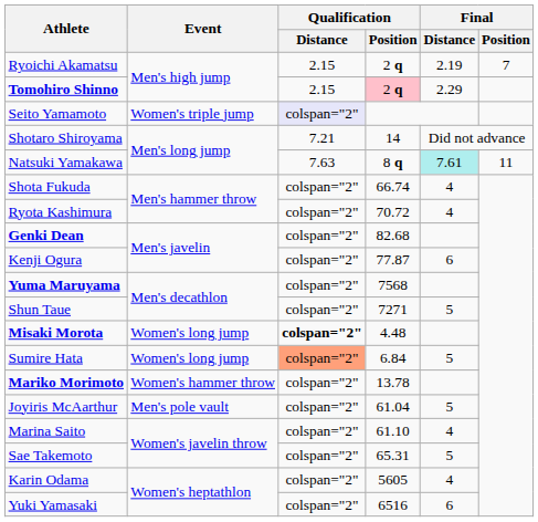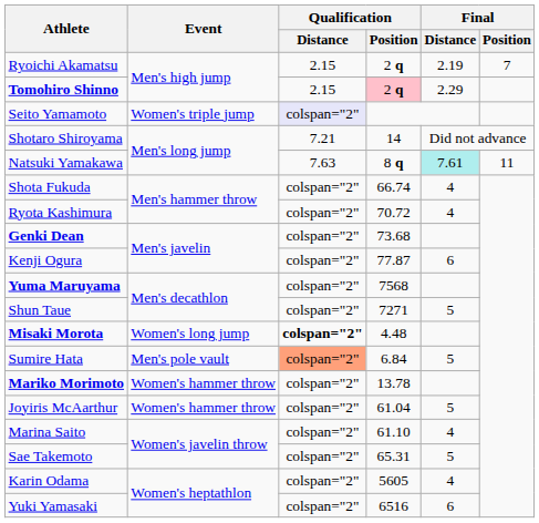 <table class=wikitable style="font-size:90%">
 <tr>
 <th rowspan="2">Athlete</th>
 <th rowspan="2">Event</th>
 <th colspan="2">Qualification</th>
 <th colspan="2">Final</th>
 </tr>
 <tr style="font-size:95%">
 <th>Distance</th>
 <th>Position</th>
 <th>Distance</th>
 <th>Position</th>
 </tr>
 <tr align=center>
 <td align=left><a href='#'>Ryoichi Akamatsu</a></td>
 <td align=left rowspan="2"><a href='#'>Men's high jump</a></td>
 <td>2.15</td>
 <td>2 <strong>q</strong></td>
 <td>2.19</td>
 <td>7</td>
 </tr>
 <tr align=center>
 <td align=left><strong><a href='#'>Tomohiro Shinno</a></strong></td>
 <td>2.15</td>
 <td style="background: pink;">2 <strong>q</strong></td>
 <td>2.29</td>
 <td></td>
 </tr>
 <tr align=center>
 <td align=left><a href='#'>Seito Yamamoto</a></td>
 <td align=left><a href='#'>Women's triple jump</a></td>
 <td style="background: lavender;">colspan="2" </td>
 <td colspan="2"><strong></strong></td>
 </tr>
 <tr align=center>
 <td align=left><a href='#'>Shotaro Shiroyama</a></td>
 <td align=left rowspan="2"><a href='#'>Men's long jump</a></td>
 <td>7.21</td>
 <td>14</td>
 <td colspan="2">Did not advance</td>
 </tr>
 <tr align=center>
 <td align=left><a href='#'>Natsuki Yamakawa</a></td>
 <td>7.63</td>
 <td>8 <strong>q</strong></td>
 <td style="background: paleturquoise;">7.61</td>
 <td>11</td>
 </tr>
 <tr align=center>
 <td align=left><a href='#'>Shota Fukuda</a></td>
 <td align=left rowspan="2"><a href='#'>Men's hammer throw</a></td>
 <td>colspan="2" </td>
 <td>66.74</td>
 <td>4</td>
 </tr>
 <tr align=center>
 <td align=left><a href='#'>Ryota Kashimura</a></td>
 <td>colspan="2" </td>
 <td>70.72</td>
 <td>4</td>
 </tr>
 <tr align=center>
 <td align=left><strong><a href='#'>Genki Dean</a></strong></td>
 <td align=left rowspan="2"><a href='#'>Men's javelin</a></td>
 <td>colspan="2" </td>
-<td>82.68</td>
+<td>73.68</td>
 <td></td>
 </tr>
 <tr align=center>
 <td align=left><a href='#'>Kenji Ogura</a></td>
 <td>colspan="2" </td>
 <td>77.87</td>
 <td>6</td>
 </tr>
 <tr align=center>
 <td align=left><strong><a href='#'>Yuma Maruyama</a></strong></td>
 <td align=left rowspan="2"><a href='#'>Men's decathlon</a></td>
 <td>colspan="2" </td>
 <td>7568</td>
 <td></td>
 </tr>
 <tr align=center>
 <td align=left><a href='#'>Shun Taue</a></td>
 <td>colspan="2" </td>
 <td>7271</td>
 <td>5</td>
 </tr>
 <tr align=center>
 <td align=left><strong><a href='#'>Misaki Morota</a></strong></td>
 <td align=left><a href='#'>Women's long jump</a></td>
 <td><strong>colspan="2" </strong></td>
 <td>4.48 <strong></strong></td>
 <td></td>
 </tr>
 <tr align=center>
 <td align=left><a href='#'>Sumire Hata</a></td>
-<td align=left><a href='#'>Women's long jump</a></td>
+<td align=left><a href='#'>Men's pole vault</a></td>
 <td style="background: lightsalmon;">colspan="2" </td>
 <td>6.84</td>
 <td>5</td>
 </tr>
 <tr align=center>
 <td align=left><strong><a href='#'>Mariko Morimoto</a></strong></td>
 <td align=left><a href='#'>Women's hammer throw</a></td>
 <td>colspan="2" </td>
 <td>13.78</td>
 <td></td>
 </tr>
 <tr align=center>
 <td align=left><a href='#'>Joyiris McAarthur</a></td>
-<td align=left><a href='#'>Men's pole vault</a></td>
+<td align=left><a href='#'>Women's hammer throw</a></td>
 <td>colspan="2" </td>
 <td>61.04</td>
 <td>5</td>
 </tr>
 <tr align=center>
 <td align=left><a href='#'>Marina Saito</a></td>
 <td align=left rowspan="2"><a href='#'>Women's javelin throw</a></td>
 <td>colspan="2" </td>
 <td>61.10</td>
 <td>4</td>
 </tr>
 <tr align=center>
 <td align=left><a href='#'>Sae Takemoto</a></td>
 <td>colspan="2" </td>
 <td>65.31</td>
 <td>5</td>
 </tr>
 <tr align=center>
 <td align=left><a href='#'>Karin Odama</a></td>
 <td align=left rowspan="2"><a href='#'>Women's heptathlon</a></td>
 <td>colspan="2" </td>
 <td>5605</td>
 <td>4</td>
 </tr>
 <tr align=center>
 <td align=left><a href='#'>Yuki Yamasaki</a></td>
 <td>colspan="2" </td>
 <td>6516</td>
 <td>6</td>
 </tr>
 </table>
